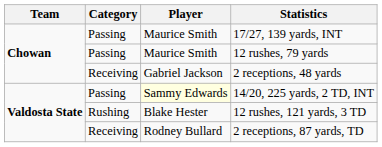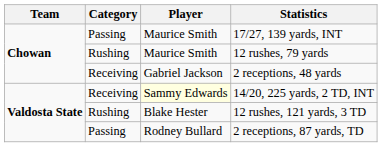 <table class="wikitable" style="float: left;">
 <tr>
 <th>Team</th>
 <th>Category</th>
 <th>Player</th>
 <th>Statistics</th>
 </tr>
 <tr>
 <td rowspan=3><strong>Chowan</strong></td>
 <td>Passing</td>
 <td>Maurice Smith</td>
 <td>17/27, 139 yards, INT</td>
 </tr>
 <tr>
-<td>Passing</td>
+<td>Rushing</td>
 <td>Maurice Smith</td>
 <td>12 rushes, 79 yards</td>
 </tr>
 <tr>
 <td>Receiving</td>
 <td>Gabriel Jackson</td>
 <td>2 receptions, 48 yards</td>
 </tr>
 <tr>
 <td rowspan=3><strong>Valdosta State</strong></td>
-<td>Passing</td>
+<td>Receiving</td>
 <td style="background: lightyellow;">Sammy Edwards</td>
 <td>14/20, 225 yards, 2 TD, INT</td>
 </tr>
 <tr>
 <td>Rushing</td>
 <td>Blake Hester</td>
 <td>12 rushes, 121 yards, 3 TD</td>
 </tr>
 <tr>
-<td>Receiving</td>
+<td>Passing</td>
 <td>Rodney Bullard</td>
 <td>2 receptions, 87 yards, TD</td>
 </tr>
 </table>
